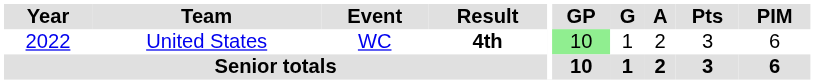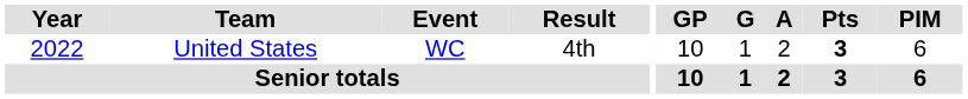 <table border="0" cellpadding="1" cellspacing="0" ID="Table3" style="text-align:center; width:40em;">
 <tr bgcolor="#e0e0e0">
 <th>Year</th>
 <th>Team</th>
 <th>Event</th>
 <th>Result</th>
 <th rowspan="98" bgcolor="#ffffff"></th>
 <th>GP</th>
 <th>G</th>
 <th>A</th>
 <th>Pts</th>
 <th>PIM</th>
 </tr>
 <tr>
 <td><a href='#'>2022</a></td>
 <td><a href='#'>United States</a></td>
 <td><a href='#'>WC</a></td>
-<td><strong>4th</strong></td>
-<td style="background: lightgreen;">10</td>
+<td>4th</td>
+<td>10</td>
 <td>1</td>
 <td>2</td>
-<td>3</td>
+<td><strong>3</strong></td>
 <td>6</td>
 </tr>
 <tr bgcolor="#e0e0e0">
 <th colspan="4">Senior totals</th>
 <th>10</th>
 <th>1</th>
 <th>2</th>
 <th>3</th>
 <th>6</th>
 </tr>
 </table>
